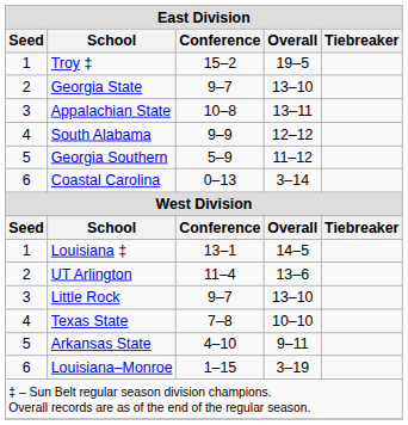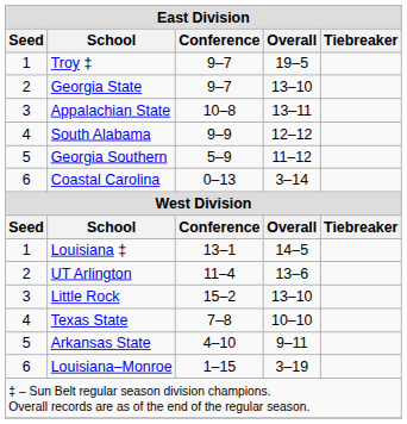 <table class="wikitable" style="white-space:nowrap; font-size:90%;text-align:center">
 <tr>
 <td colspan="5" style="background:#DDDDDD; font:#000000"><strong>East Division</strong></td>
 </tr>
 <tr>
 <th>Seed</th>
 <th>School</th>
 <th>Conference</th>
 <th>Overall</th>
 <th>Tiebreaker</th>
 </tr>
 <tr>
 <td>1</td>
 <td align=left><a href='#'>Troy</a> ‡</td>
-<td>15–2</td>
+<td>9–7</td>
 <td>19–5</td>
 <td></td>
 </tr>
 <tr>
 <td>2</td>
 <td align=left><a href='#'>Georgia State</a></td>
 <td>9–7</td>
 <td>13–10</td>
 <td></td>
 </tr>
 <tr>
 <td>3</td>
 <td align=left><a href='#'>Appalachian State</a></td>
 <td>10–8</td>
 <td>13–11</td>
 <td></td>
 </tr>
 <tr>
 <td>4</td>
 <td align=left><a href='#'>South Alabama</a></td>
 <td>9–9</td>
 <td>12–12</td>
 <td></td>
 </tr>
 <tr>
 <td>5</td>
 <td align=left><a href='#'>Georgia Southern</a></td>
 <td>5–9</td>
 <td>11–12</td>
 <td></td>
 </tr>
 <tr>
 <td>6</td>
 <td align=left><a href='#'>Coastal Carolina</a></td>
 <td>0–13</td>
 <td>3–14</td>
 <td></td>
 </tr>
 <tr>
 <td colspan="10" style="text-align:center; background:#DDDDDD; font:#000000"><strong>West Division</strong></td>
 </tr>
 <tr>
 <th>Seed</th>
 <th>School</th>
 <th>Conference</th>
 <th>Overall</th>
 <th>Tiebreaker</th>
 </tr>
 <tr>
 <td>1</td>
 <td align=left><a href='#'>Louisiana</a> ‡</td>
 <td>13–1</td>
 <td>14–5</td>
 <td></td>
 </tr>
 <tr>
 <td>2</td>
 <td align=left><a href='#'>UT Arlington</a></td>
 <td>11–4</td>
 <td>13–6</td>
 <td></td>
 </tr>
 <tr>
 <td>3</td>
 <td align=left><a href='#'>Little Rock</a></td>
-<td>9–7</td>
+<td>15–2</td>
 <td>13–10</td>
 <td></td>
 </tr>
 <tr>
 <td>4</td>
 <td align=left><a href='#'>Texas State</a></td>
 <td>7–8</td>
 <td>10–10</td>
 <td></td>
 </tr>
 <tr>
 <td>5</td>
 <td align=left><a href='#'>Arkansas State</a></td>
 <td>4–10</td>
 <td>9–11</td>
 <td></td>
 </tr>
 <tr>
 <td>6</td>
 <td align=left><a href='#'>Louisiana–Monroe</a></td>
 <td>1–15</td>
 <td>3–19</td>
 <td></td>
 </tr>
 <tr>
 <td colspan="5" align=left><small>‡ – Sun Belt regular season division champions.<br>Overall records are as of the end of the regular season.</small></td>
 </tr>
 <tr>
 </tr>
 </table>
